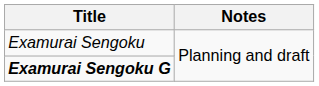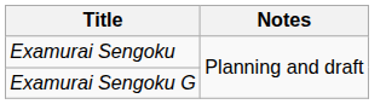 <table class="wikitable">
 <tr>
 <th>Title</th>
 <th>Notes</th>
 </tr>
 <tr>
 <td><em>Examurai Sengoku</em></td>
 <td rowspan="2">Planning and draft</td>
 </tr>
 <tr>
-<td><strong><em>Examurai Sengoku G</em></strong></td>
+<td><em>Examurai Sengoku G</em></td>
 </tr>
 </table>
